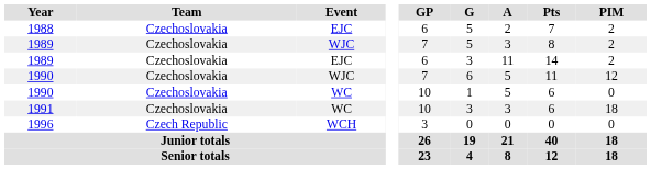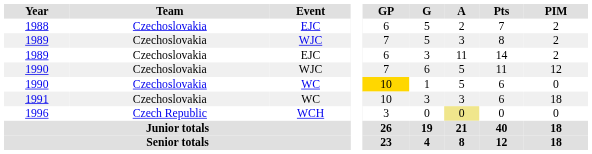 <table border="0" cellpadding="1" cellspacing="0" style="text-align:center; width:50em">
 <tr ALIGN="center" bgcolor="#e0e0e0">
 <th>Year</th>
 <th>Team</th>
 <th>Event</th>
 <th rowspan="99" bgcolor="#ffffff"> </th>
 <th>GP</th>
 <th>G</th>
 <th>A</th>
 <th>Pts</th>
 <th>PIM</th>
 </tr>
 <tr>
 <td><a href='#'>1988</a></td>
 <td><a href='#'>Czechoslovakia</a></td>
 <td><a href='#'>EJC</a></td>
 <td>6</td>
 <td>5</td>
 <td>2</td>
 <td>7</td>
 <td>2</td>
 </tr>
 <tr bgcolor="#f0f0f0">
 <td><a href='#'>1989</a></td>
 <td>Czechoslovakia</td>
 <td><a href='#'>WJC</a></td>
 <td>7</td>
 <td>5</td>
 <td>3</td>
 <td>8</td>
 <td>2</td>
 </tr>
 <tr>
 <td><a href='#'>1989</a></td>
 <td>Czechoslovakia</td>
 <td>EJC</td>
 <td>6</td>
 <td>3</td>
 <td>11</td>
 <td>14</td>
 <td>2</td>
 </tr>
 <tr bgcolor="#f0f0f0">
 <td><a href='#'>1990</a></td>
 <td>Czechoslovakia</td>
 <td>WJC</td>
 <td>7</td>
 <td>6</td>
 <td>5</td>
 <td>11</td>
 <td>12</td>
 </tr>
 <tr>
 <td><a href='#'>1990</a></td>
 <td><a href='#'>Czechoslovakia</a></td>
 <td><a href='#'>WC</a></td>
-<td>10</td>
+<td style="background: gold;">10</td>
 <td>1</td>
 <td>5</td>
 <td>6</td>
 <td>0</td>
 </tr>
 <tr bgcolor="#f0f0f0">
 <td><a href='#'>1991</a></td>
 <td>Czechoslovakia</td>
 <td>WC</td>
 <td>10</td>
 <td>3</td>
 <td>3</td>
 <td>6</td>
 <td>18</td>
 </tr>
 <tr>
 <td><a href='#'>1996</a></td>
 <td><a href='#'>Czech Republic</a></td>
 <td><a href='#'>WCH</a></td>
 <td>3</td>
 <td>0</td>
-<td>0</td>
+<td style="background: khaki;">0</td>
 <td>0</td>
 <td>0</td>
 </tr>
 <tr bgcolor="#e0e0e0">
 <th colspan=3>Junior totals</th>
 <th>26</th>
 <th>19</th>
 <th>21</th>
 <th>40</th>
 <th>18</th>
 </tr>
 <tr bgcolor="#e0e0e0">
 <th colspan=3>Senior totals</th>
 <th>23</th>
 <th>4</th>
 <th>8</th>
 <th>12</th>
 <th>18</th>
 </tr>
 </table>
